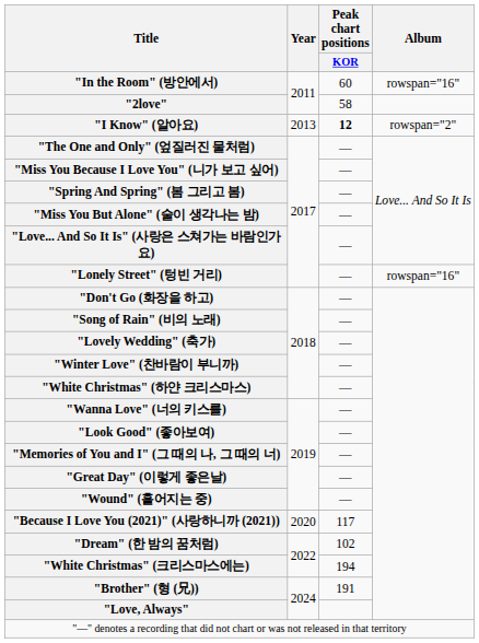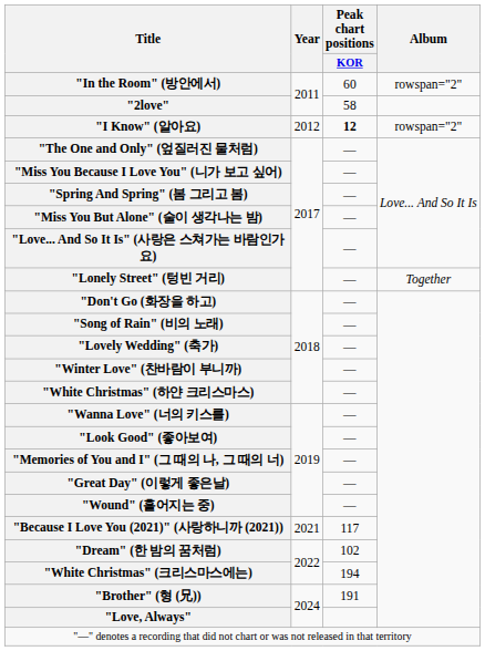 <table class="wikitable plainrowheaders" style="text-align:center;">
 <tr>
 <th rowspan="2" style="width:22em;">Title</th>
 <th rowspan="2">Year</th>
 <th>Peak chart positions</th>
 <th rowspan="2">Album</th>
 </tr>
 <tr>
 <th scope="col" style="width:2.5em;font-size:90%;"><a href='#'>KOR</a><br></th>
 </tr>
 <tr>
 <th scope="row">"In the Room" (방안에서)</th>
 <td rowspan="2">2011</td>
 <td>60</td>
-<td>rowspan="16" </td>
+<td>rowspan="2" </td>
 </tr>
 <tr>
 <th scope="row">"2love" </th>
 <td>58</td>
 </tr>
 <tr>
 <th scope="row">"I Know" (알아요) </th>
-<td>2013</td>
+<td>2012</td>
 <td><strong>12</strong></td>
 <td>rowspan="2" </td>
 </tr>
 <tr>
 <th scope="row">"The One and Only" (엎질러진 물처럼)</th>
 <td rowspan="6">2017</td>
 <td>—</td>
 <td rowspan="5"><em>Love... And So It Is</em></td>
 </tr>
 <tr>
 <th scope="row">"Miss You Because I Love You" (니가 보고 싶어)</th>
 <td>—</td>
 </tr>
 <tr>
 <th scope="row">"Spring And Spring" (봄 그리고 봄) </th>
 <td>—</td>
 </tr>
 <tr>
 <th scope="row">"Miss You But Alone" (술이 생각나는 밤)</th>
 <td>—</td>
 </tr>
 <tr>
 <th scope="row">"Love... And So It Is" (사랑은 스쳐가는 바람인가요)</th>
 <td>—</td>
 </tr>
 <tr>
 <th scope="row">"Lonely Street" (텅빈 거리)</th>
 <td>—</td>
-<td>rowspan="16" </td>
+<td><em>Together</em></td>
 </tr>
 <tr>
 <th scope="row">"Don't Go (화장을 하고) </th>
 <td rowspan="5">2018</td>
 <td>—</td>
 </tr>
 <tr>
 <th scope="row">"Song of Rain" (비의 노래) </th>
 <td>—</td>
 </tr>
 <tr>
 <th scope="row">"Lovely Wedding" (축가)</th>
 <td>—</td>
 </tr>
 <tr>
 <th scope="row">"Winter Love" (찬바람이 부니까)</th>
 <td>—</td>
 </tr>
 <tr>
 <th scope="row">"White Christmas" (하얀 크리스마스)</th>
 <td>—</td>
 </tr>
 <tr>
 <th scope="row">"Wanna Love" (너의 키스를)</th>
 <td rowspan="5">2019</td>
 <td>—</td>
 </tr>
 <tr>
 <th scope="row">"Look Good" (좋아보여)</th>
 <td>—</td>
 </tr>
 <tr>
 <th scope="row">"Memories of You and I" (그 때의 나, 그 때의 너)</th>
 <td>—</td>
 </tr>
 <tr>
 <th scope="row">"Great Day" (이렇게 좋은날)</th>
 <td>—</td>
 </tr>
 <tr>
 <th scope="row">"Wound" (흩어지는 중)</th>
 <td>—</td>
 </tr>
 <tr>
 <th scope="row">"Because I Love You (2021)" (사랑하니까 (2021))</th>
-<td>2020</td>
+<td>2021</td>
 <td>117</td>
 </tr>
 <tr>
 <th scope="row">"Dream" (한 밤의 꿈처럼)</th>
 <td rowspan="2">2022</td>
 <td>102</td>
 </tr>
 <tr>
 <th scope="row">"White Christmas" (크리스마스에는)<br></th>
 <td>194</td>
 </tr>
 <tr>
 <th scope="row">"Brother" (형 (兄))</th>
 <td rowspan="2">2024</td>
 <td>191</td>
 </tr>
 <tr>
 <th scope="row">"Love, Always"</th>
 <td></td>
 </tr>
 <tr>
 <td colspan="6" style="font-size:85%">"—" denotes a recording that did not chart or was not released in that territory</td>
 </tr>
 </table>
